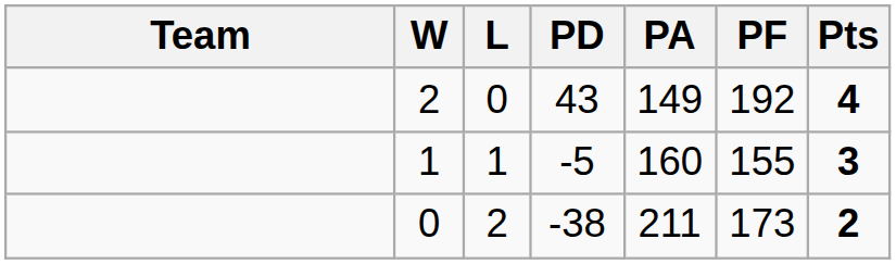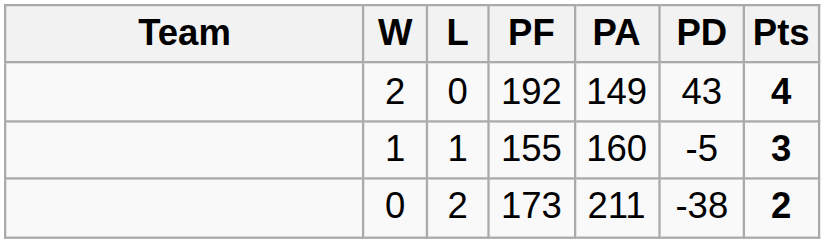 <table class="wikitable" style="text-align:center;">
 <tr>
 <th width=150>Team</th>
 <th width=20>W</th>
 <th width=20>L</th>
+<th width=30>PF</th>
+<th width=30>PA</th>
 <th width=30>PD</th>
-<th width=30>PA</th>
-<th width=30>PF</th>
 <th width=20>Pts</th>
 </tr>
 <tr>
 <td align="left"></td>
 <td>2</td>
 <td>0</td>
+<td>192</td>
+<td>149</td>
 <td>43</td>
-<td>149</td>
-<td>192</td>
 <td><strong>4</strong></td>
 </tr>
 <tr>
 <td align="left"></td>
 <td>1</td>
 <td>1</td>
+<td>155</td>
+<td>160</td>
 <td>-5</td>
-<td>160</td>
-<td>155</td>
 <td><strong>3</strong></td>
 </tr>
 <tr>
 <td align="left"></td>
 <td>0</td>
 <td>2</td>
+<td>173</td>
+<td>211</td>
 <td>-38</td>
-<td>211</td>
-<td>173</td>
 <td><strong>2</strong></td>
 </tr>
 </table>
